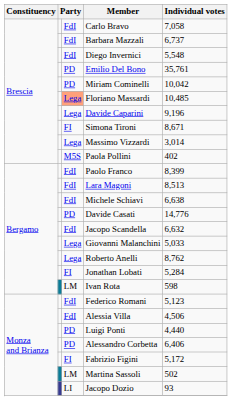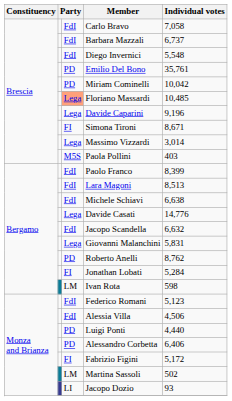 <table class="wikitable" style="font-size:90%">
 <tr>
 <th>Constituency</th>
 <th colspan=2>Party</th>
 <th>Member</th>
 <th>Individual votes</th>
 </tr>
 <tr>
 <td rowspan="10"><a href='#'>Brescia</a></td>
 <td style="background:"></td>
 <td><a href='#'>FdI</a></td>
 <td>Carlo Bravo</td>
 <td>7,058</td>
 </tr>
 <tr>
 <td style="background:"></td>
 <td><a href='#'>FdI</a></td>
 <td>Barbara Mazzali</td>
 <td>6,737</td>
 </tr>
 <tr>
 <td style="background:"></td>
 <td><a href='#'>FdI</a></td>
 <td>Diego Invernici</td>
 <td>5,548</td>
 </tr>
 <tr>
 <td style="background:"></td>
 <td><a href='#'>PD</a></td>
 <td><a href='#'>Emilio Del Bono</a></td>
 <td>35,761</td>
 </tr>
 <tr>
 <td style="background:"></td>
 <td><a href='#'>PD</a></td>
 <td>Miriam Cominelli</td>
 <td>10,042</td>
 </tr>
 <tr>
 <td style="background:"></td>
 <td style="background: lightsalmon;"><a href='#'>Lega</a></td>
 <td>Floriano Massardi</td>
 <td>10,485</td>
 </tr>
 <tr>
 <td style="background:"></td>
 <td><a href='#'>Lega</a></td>
 <td><a href='#'>Davide Caparini</a></td>
 <td>9,196</td>
 </tr>
 <tr>
 <td style="background:"></td>
 <td><a href='#'>FI</a></td>
 <td>Simona Tironi</td>
 <td>8,671</td>
 </tr>
 <tr>
 <td style="background:"></td>
 <td><a href='#'>Lega</a></td>
 <td>Massimo Vizzardi</td>
 <td>3,014</td>
 </tr>
 <tr>
 <td style="background:"></td>
 <td><a href='#'>M5S</a></td>
 <td>Paola Pollini</td>
-<td>402</td>
+<td>403</td>
 </tr>
 <tr>
 <td rowspan="9"><a href='#'>Bergamo</a></td>
 <td style="background:"></td>
 <td><a href='#'>FdI</a></td>
 <td>Paolo Franco</td>
 <td>8,399</td>
 </tr>
 <tr>
 <td style="background:"></td>
 <td><a href='#'>FdI</a></td>
 <td><a href='#'>Lara Magoni</a></td>
 <td>8,513</td>
 </tr>
 <tr>
 <td style="background:"></td>
 <td><a href='#'>FdI</a></td>
 <td>Michele Schiavi</td>
 <td>6,638</td>
 </tr>
 <tr>
 <td style="background:"></td>
-<td><a href='#'>PD</a></td>
+<td><a href='#'>Lega</a></td>
 <td>Davide Casati</td>
 <td>14,776</td>
 </tr>
 <tr>
 <td style="background:"></td>
 <td><a href='#'>FdI</a></td>
 <td>Jacopo Scandella</td>
 <td>6,632</td>
 </tr>
 <tr>
 <td style="background:"></td>
 <td><a href='#'>Lega</a></td>
 <td>Giovanni Malanchini</td>
-<td>5,033</td>
+<td>5,831</td>
 </tr>
 <tr>
 <td style="background:"></td>
-<td><a href='#'>Lega</a></td>
+<td><a href='#'>PD</a></td>
 <td>Roberto Anelli</td>
 <td>8,762</td>
 </tr>
 <tr>
 <td style="background:"></td>
 <td><a href='#'>FI</a></td>
 <td>Jonathan Lobati</td>
 <td>5,284</td>
 </tr>
 <tr>
 <td style="background:#0A7D98"></td>
 <td>LM</td>
 <td>Ivan Rota</td>
 <td>598</td>
 </tr>
 <tr>
 <td rowspan="8"><a href='#'>Monza<br>and Brianza</a></td>
 <td style="background:"></td>
 <td><a href='#'>FdI</a></td>
 <td>Federico Romani</td>
 <td>5,123</td>
 </tr>
 <tr>
 <td style="background:"></td>
 <td><a href='#'>FdI</a></td>
 <td>Alessia Villa</td>
 <td>4,506</td>
 </tr>
 <tr>
 <td style="background:"></td>
 <td><a href='#'>PD</a></td>
 <td>Luigi Ponti</td>
 <td>4,440</td>
 </tr>
 <tr>
 <td style="background:"></td>
 <td><a href='#'>PD</a></td>
 <td>Alessandro Corbetta</td>
 <td>6,406</td>
 </tr>
 <tr>
 <td style="background:"></td>
 <td><a href='#'>FI</a></td>
 <td>Fabrizio Figini</td>
 <td>5,172</td>
 </tr>
 <tr>
 <td style="background:#0A7D98"></td>
 <td>LM</td>
 <td>Martina Sassoli</td>
 <td>502</td>
 </tr>
 <tr>
 <td style="background:#363A91"></td>
 <td>LI</td>
 <td>Jacopo Dozio</td>
 <td>93</td>
 </tr>
 <tr>
 </tr>
 </table>
